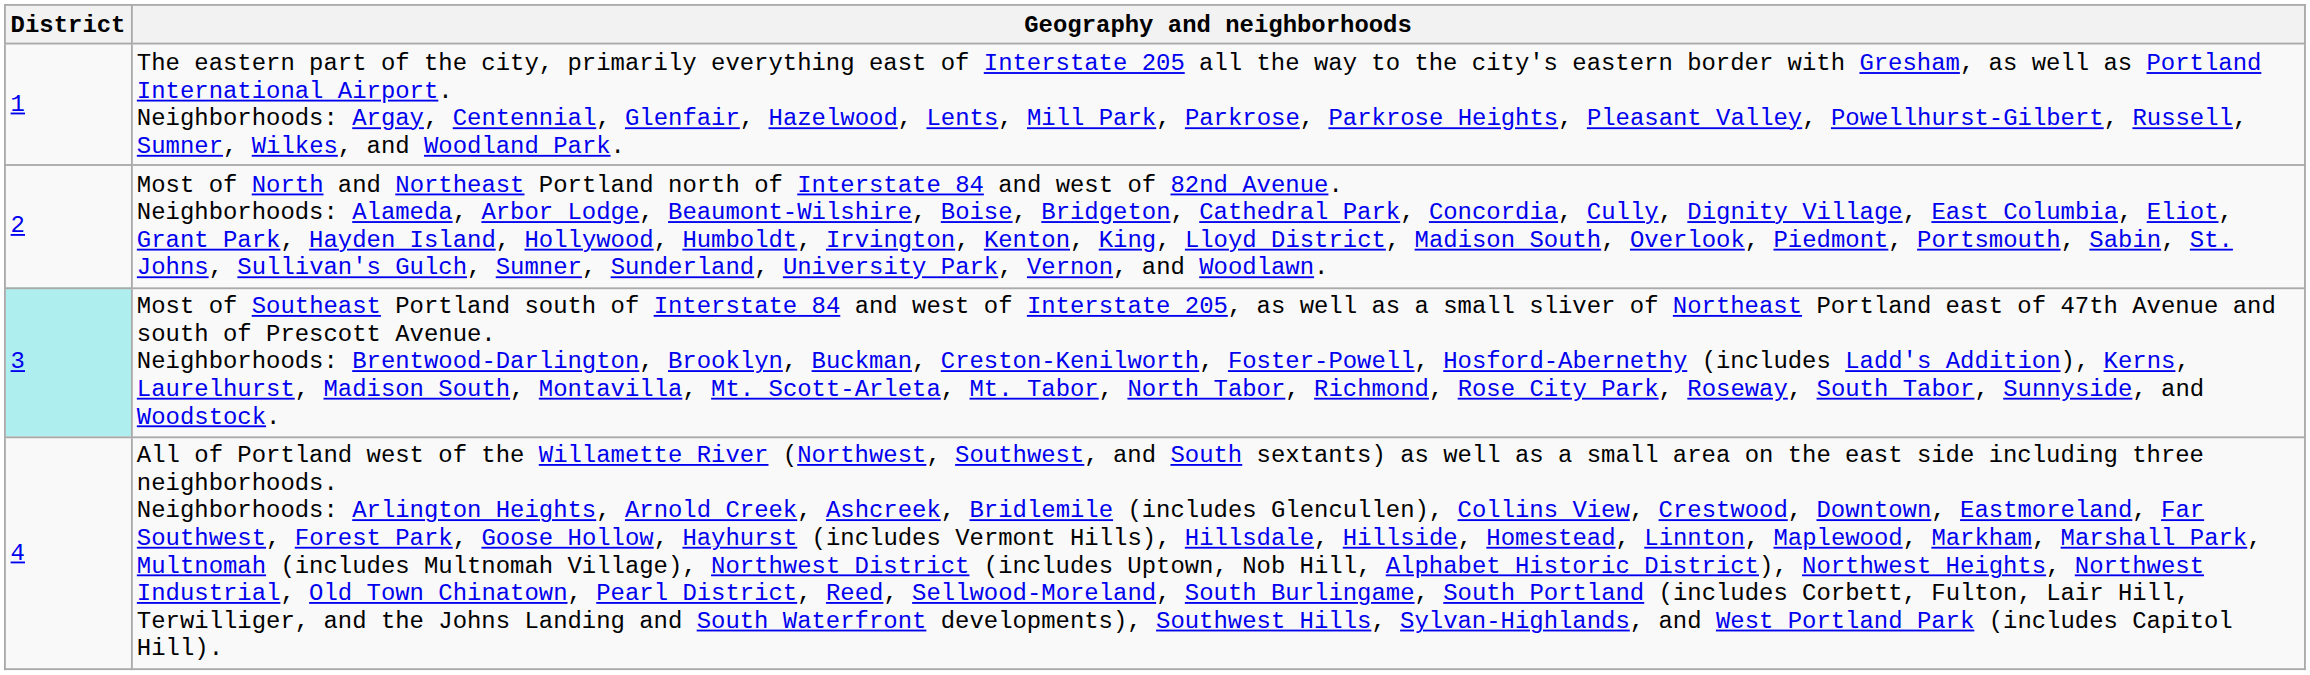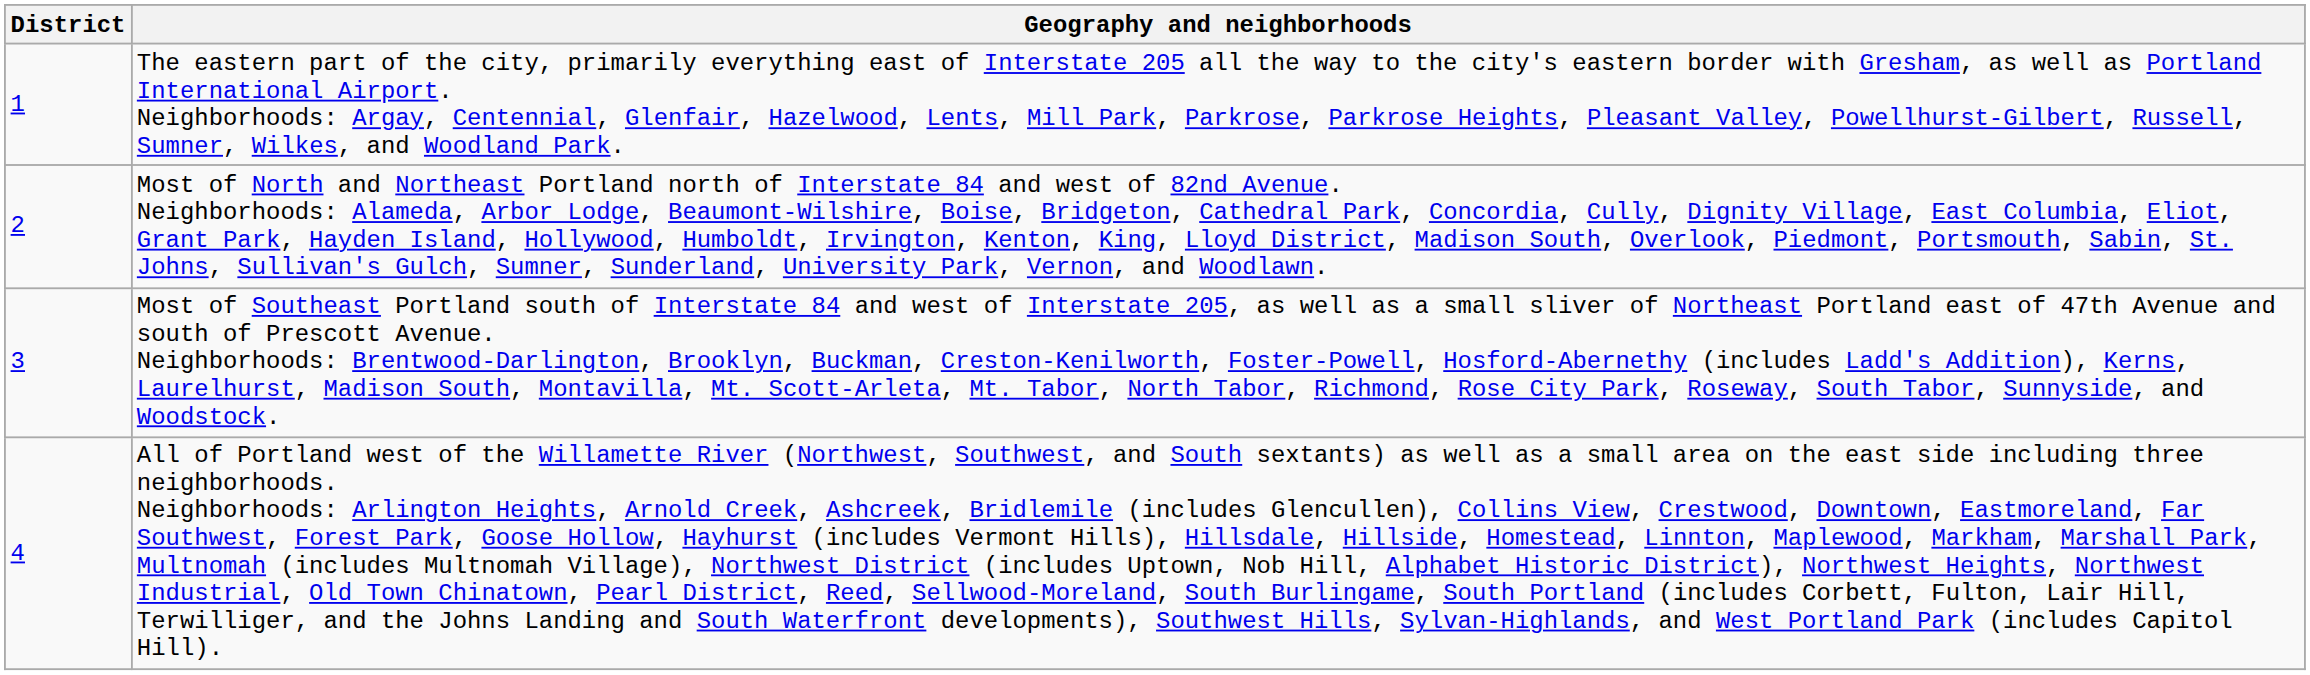 <table class="wikitable">
 <tr>
 <th>District</th>
 <th>Geography and neighborhoods</th>
 </tr>
 <tr>
 <td><a href='#'>1</a></td>
 <td>The eastern part of the city, primarily everything east of <a href='#'>Interstate 205</a> all the way to the city's eastern border with <a href='#'>Gresham</a>, as well as <a href='#'>Portland International Airport</a>.<br>Neighborhoods: <a href='#'>Argay</a>, <a href='#'>Centennial</a>, <a href='#'>Glenfair</a>, <a href='#'>Hazelwood</a>, <a href='#'>Lents</a>, <a href='#'>Mill Park</a>, <a href='#'>Parkrose</a>, <a href='#'>Parkrose Heights</a>, <a href='#'>Pleasant Valley</a>, <a href='#'>Powellhurst-Gilbert</a>, <a href='#'>Russell</a>, <a href='#'>Sumner</a>, <a href='#'>Wilkes</a>, and <a href='#'>Woodland Park</a>.</td>
 </tr>
 <tr>
 <td><a href='#'>2</a></td>
 <td>Most of <a href='#'>North</a> and <a href='#'>Northeast</a> Portland north of <a href='#'>Interstate 84</a> and west of <a href='#'>82nd Avenue</a>.<br>Neighborhoods: <a href='#'>Alameda</a>, <a href='#'>Arbor Lodge</a>, <a href='#'>Beaumont-Wilshire</a>, <a href='#'>Boise</a>, <a href='#'>Bridgeton</a>, <a href='#'>Cathedral Park</a>, <a href='#'>Concordia</a>, <a href='#'>Cully</a>, <a href='#'>Dignity Village</a>, <a href='#'>East Columbia</a>, <a href='#'>Eliot</a>, <a href='#'>Grant Park</a>, <a href='#'>Hayden Island</a>, <a href='#'>Hollywood</a>, <a href='#'>Humboldt</a>, <a href='#'>Irvington</a>, <a href='#'>Kenton</a>, <a href='#'>King</a>, <a href='#'>Lloyd District</a>, <a href='#'>Madison South</a>, <a href='#'>Overlook</a>, <a href='#'>Piedmont</a>, <a href='#'>Portsmouth</a>, <a href='#'>Sabin</a>, <a href='#'>St. Johns</a>, <a href='#'>Sullivan's Gulch</a>, <a href='#'>Sumner</a>, <a href='#'>Sunderland</a>, <a href='#'>University Park</a>, <a href='#'>Vernon</a>, and <a href='#'>Woodlawn</a>.</td>
 </tr>
 <tr>
-<td style="background: paleturquoise;"><a href='#'>3</a></td>
+<td><a href='#'>3</a></td>
 <td>Most of <a href='#'>Southeast</a> Portland south of <a href='#'>Interstate 84</a> and west of <a href='#'>Interstate 205</a>, as well as a small sliver of <a href='#'>Northeast</a> Portland east of 47th Avenue and south of Prescott Avenue.<br>Neighborhoods: <a href='#'>Brentwood-Darlington</a>, <a href='#'>Brooklyn</a>, <a href='#'>Buckman</a>, <a href='#'>Creston-Kenilworth</a>, <a href='#'>Foster-Powell</a>, <a href='#'>Hosford-Abernethy</a> (includes <a href='#'>Ladd's Addition</a>), <a href='#'>Kerns</a>, <a href='#'>Laurelhurst</a>, <a href='#'>Madison South</a>, <a href='#'>Montavilla</a>, <a href='#'>Mt. Scott-Arleta</a>, <a href='#'>Mt. Tabor</a>, <a href='#'>North Tabor</a>, <a href='#'>Richmond</a>, <a href='#'>Rose City Park</a>, <a href='#'>Roseway</a>, <a href='#'>South Tabor</a>, <a href='#'>Sunnyside</a>, and <a href='#'>Woodstock</a>.</td>
 </tr>
 <tr>
 <td><a href='#'>4</a></td>
 <td>All of Portland west of the <a href='#'>Willamette River</a> (<a href='#'>Northwest</a>, <a href='#'>Southwest</a>, and <a href='#'>South</a> sextants) as well as a small area on the east side including three neighborhoods.<br>Neighborhoods: <a href='#'>Arlington Heights</a>, <a href='#'>Arnold Creek</a>, <a href='#'>Ashcreek</a>, <a href='#'>Bridlemile</a> (includes Glencullen), <a href='#'>Collins View</a>, <a href='#'>Crestwood</a>, <a href='#'>Downtown</a>, <a href='#'>Eastmoreland</a>, <a href='#'>Far Southwest</a>, <a href='#'>Forest Park</a>, <a href='#'>Goose Hollow</a>, <a href='#'>Hayhurst</a> (includes Vermont Hills), <a href='#'>Hillsdale</a>, <a href='#'>Hillside</a>, <a href='#'>Homestead</a>, <a href='#'>Linnton</a>, <a href='#'>Maplewood</a>, <a href='#'>Markham</a>, <a href='#'>Marshall Park</a>, <a href='#'>Multnomah</a> (includes Multnomah Village), <a href='#'>Northwest District</a> (includes Uptown, Nob Hill, <a href='#'>Alphabet Historic District</a>), <a href='#'>Northwest Heights</a>, <a href='#'>Northwest Industrial</a>, <a href='#'>Old Town Chinatown</a>, <a href='#'>Pearl District</a>, <a href='#'>Reed</a>, <a href='#'>Sellwood-Moreland</a>, <a href='#'>South Burlingame</a>, <a href='#'>South Portland</a> (includes Corbett, Fulton, Lair Hill, Terwilliger, and the Johns Landing and <a href='#'>South Waterfront</a> developments), <a href='#'>Southwest Hills</a>, <a href='#'>Sylvan-Highlands</a>, and <a href='#'>West Portland Park</a> (includes Capitol Hill).</td>
 </tr>
 </table>
